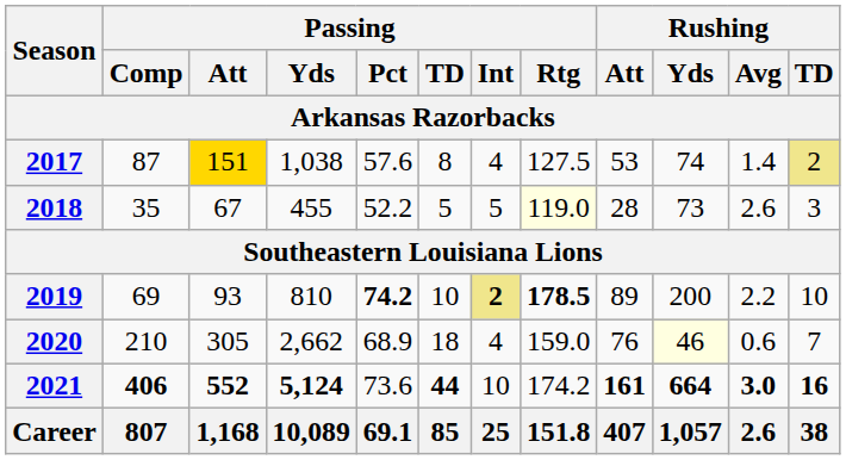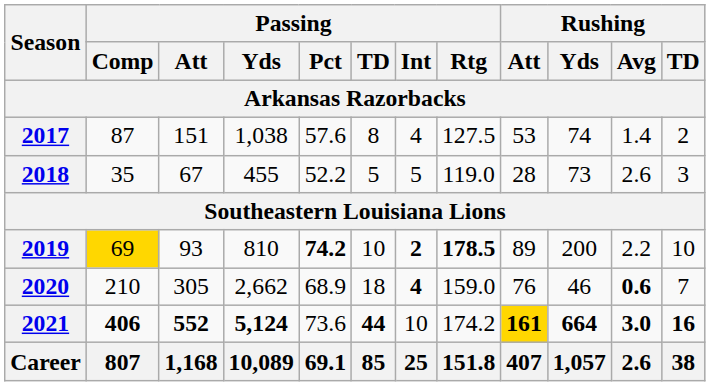 <table class=wikitable style="text-align:center;">
 <tr>
 <th rowspan="2">Season</th>
 <th colspan="7">Passing</th>
 <th colspan="4">Rushing</th>
 </tr>
 <tr>
 <th>Comp</th>
 <th>Att</th>
 <th>Yds</th>
 <th>Pct</th>
 <th>TD</th>
 <th>Int</th>
 <th>Rtg</th>
 <th>Att</th>
 <th>Yds</th>
 <th>Avg</th>
 <th>TD</th>
 </tr>
 <tr>
 <th colspan="13">Arkansas Razorbacks</th>
 </tr>
 <tr>
 <th><a href='#'>2017</a></th>
 <td>87</td>
-<td style="background: gold;">151</td>
+<td>151</td>
 <td>1,038</td>
 <td>57.6</td>
 <td>8</td>
 <td>4</td>
 <td>127.5</td>
 <td>53</td>
 <td>74</td>
 <td>1.4</td>
-<td style="background: khaki;">2</td>
+<td>2</td>
 </tr>
 <tr>
 <th><a href='#'>2018</a></th>
 <td>35</td>
 <td>67</td>
 <td>455</td>
 <td>52.2</td>
 <td>5</td>
 <td>5</td>
-<td style="background: lightyellow;">119.0</td>
+<td>119.0</td>
 <td>28</td>
 <td>73</td>
 <td>2.6</td>
 <td>3</td>
 </tr>
 <tr>
 <th colspan="13">Southeastern Louisiana Lions</th>
 </tr>
 <tr>
 <th><a href='#'>2019</a></th>
-<td>69</td>
+<td style="background: gold;">69</td>
 <td>93</td>
 <td>810</td>
 <td><strong>74.2</strong></td>
 <td>10</td>
-<td style="background: khaki;"><strong>2</strong></td>
+<td><strong>2</strong></td>
 <td><strong>178.5</strong></td>
 <td>89</td>
 <td>200</td>
 <td>2.2</td>
 <td>10</td>
 </tr>
 <tr>
 <th><a href='#'>2020</a></th>
 <td>210</td>
 <td>305</td>
 <td>2,662</td>
 <td>68.9</td>
 <td>18</td>
-<td>4</td>
+<td><strong>4</strong></td>
 <td>159.0</td>
 <td>76</td>
-<td style="background: lightyellow;">46</td>
-<td>0.6</td>
+<td>46</td>
+<td><strong>0.6</strong></td>
 <td>7</td>
 </tr>
 <tr>
 <th><a href='#'>2021</a></th>
 <td><strong>406</strong></td>
 <td><strong>552</strong></td>
 <td><strong>5,124</strong></td>
 <td>73.6</td>
 <td><strong>44</strong></td>
 <td>10</td>
 <td>174.2</td>
-<td><strong>161</strong></td>
+<td style="background: gold;"><strong>161</strong></td>
 <td><strong>664</strong></td>
 <td><strong>3.0</strong></td>
 <td><strong>16</strong></td>
 </tr>
 <tr>
 <th>Career</th>
 <th>807</th>
 <th>1,168</th>
 <th>10,089</th>
 <th>69.1</th>
 <th>85</th>
 <th>25</th>
 <th>151.8</th>
 <th>407</th>
 <th>1,057</th>
 <th>2.6</th>
 <th>38</th>
 </tr>
 </table>
